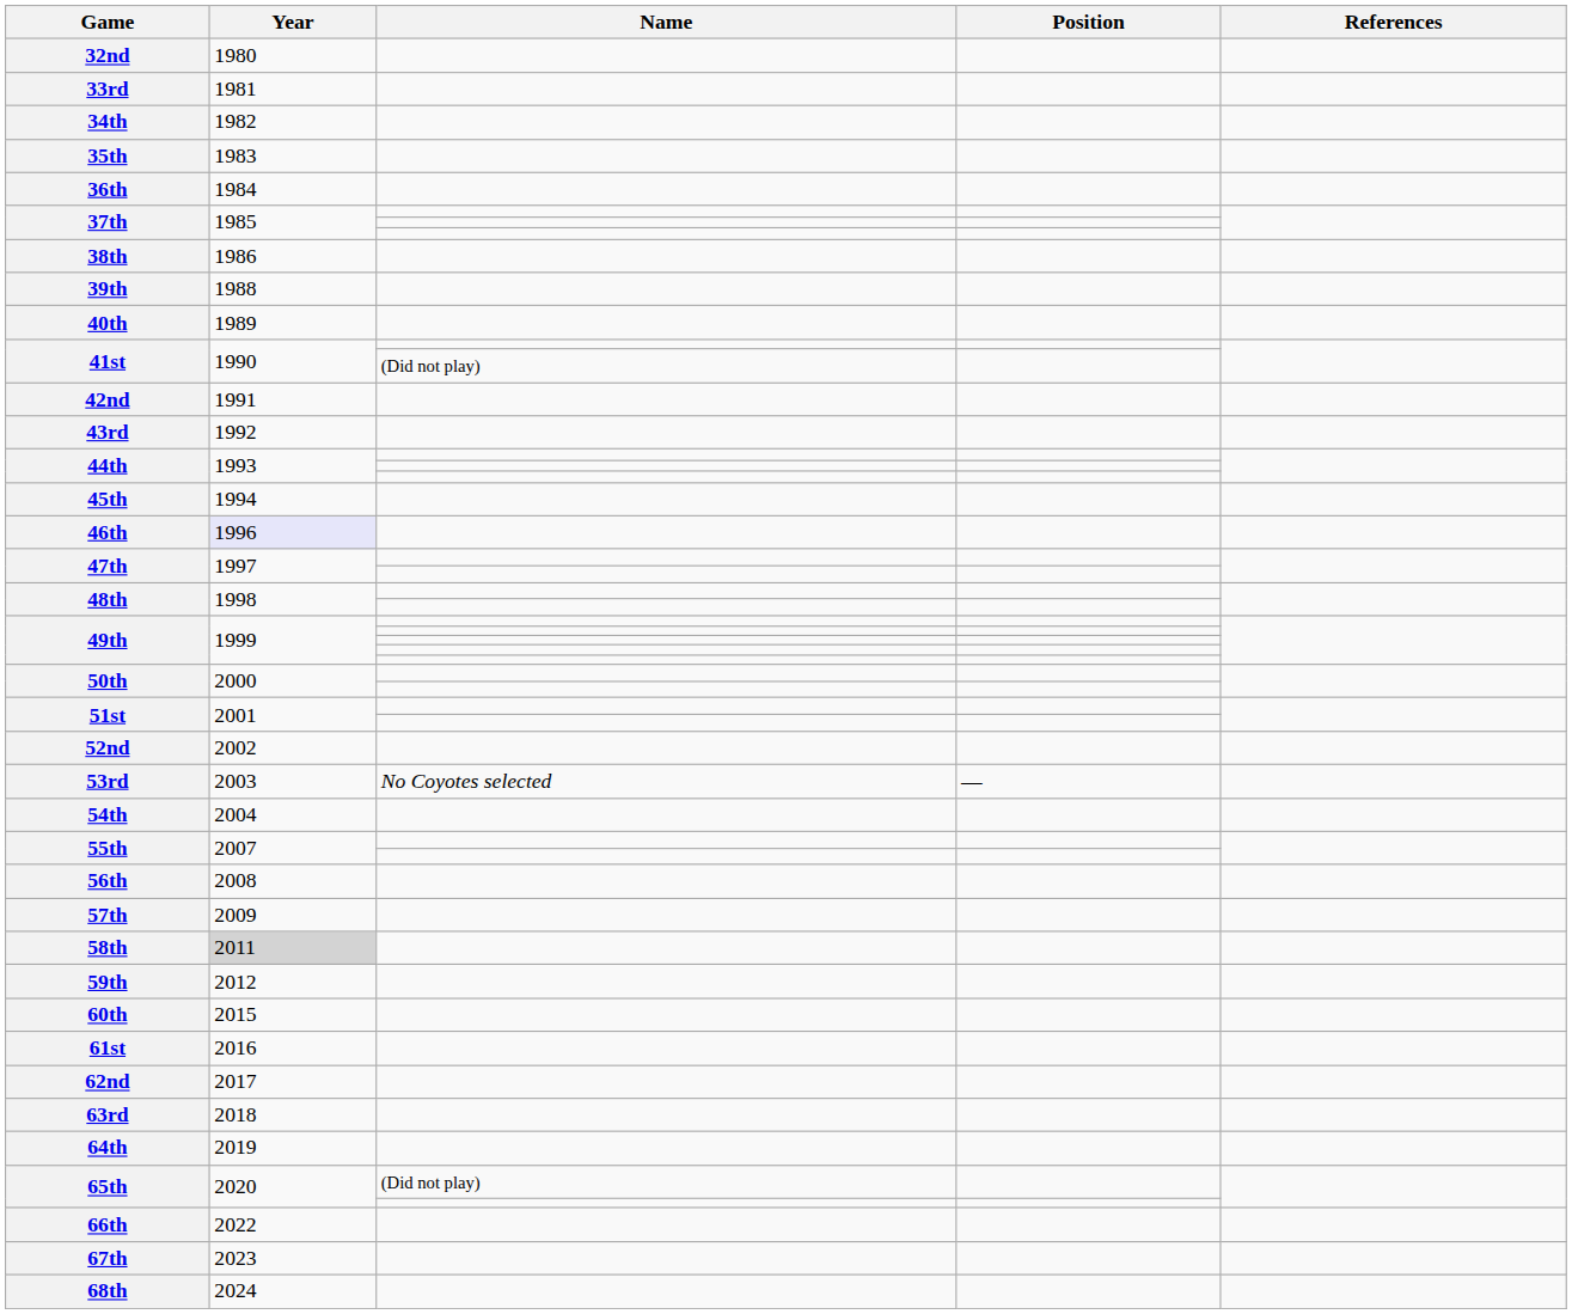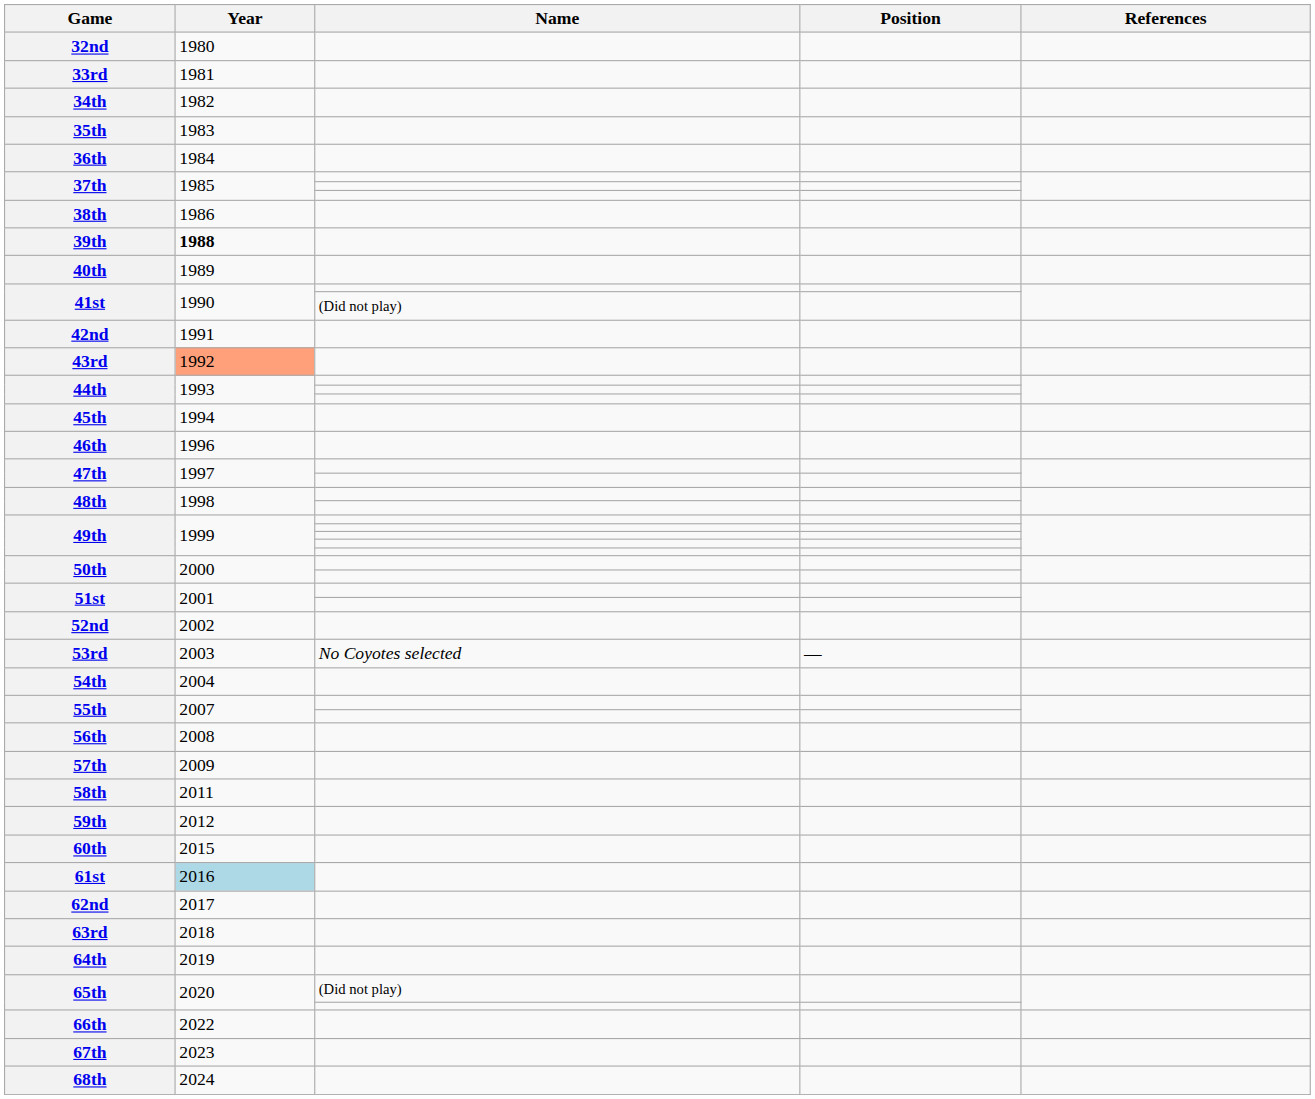 <table class="wikitable sortable" width="75%">
 <tr>
 <th scope="col">Game</th>
 <th scope="col">Year</th>
 <th scope="col">Name</th>
 <th scope="col">Position</th>
 <th scope="col" class="unsortable">References</th>
 </tr>
 <tr>
 <th scope="row"><a href='#'>32nd</a></th>
 <td>1980</td>
 <td></td>
 <td></td>
 <td></td>
 </tr>
 <tr>
 <th scope="row"><a href='#'>33rd</a></th>
 <td>1981</td>
 <td></td>
 <td></td>
 <td></td>
 </tr>
 <tr>
 <th scope="row"><a href='#'>34th</a></th>
 <td>1982</td>
 <td></td>
 <td></td>
 <td></td>
 </tr>
 <tr>
 <th scope="row"><a href='#'>35th</a></th>
 <td>1983</td>
 <td></td>
 <td></td>
 <td></td>
 </tr>
 <tr>
 <th scope="row"><a href='#'>36th</a></th>
 <td>1984</td>
 <td></td>
 <td></td>
 <td></td>
 </tr>
 <tr>
 <th scope="row" rowspan="3"><a href='#'>37th</a></th>
 <td rowspan="3">1985</td>
 <td></td>
 <td></td>
 <td rowspan="3"></td>
 </tr>
 <tr>
 <td></td>
 <td></td>
 </tr>
 <tr>
 <td></td>
 <td></td>
 </tr>
 <tr>
 <th scope="row"><a href='#'>38th</a></th>
 <td>1986</td>
 <td></td>
 <td></td>
 <td></td>
 </tr>
 <tr>
 <th scope="row"><a href='#'>39th</a></th>
-<td>1988</td>
+<td><strong>1988</strong></td>
 <td></td>
 <td></td>
 <td></td>
 </tr>
 <tr>
 <th scope="row"><a href='#'>40th</a></th>
 <td>1989</td>
 <td></td>
 <td></td>
 <td></td>
 </tr>
 <tr>
 <th scope="row" rowspan="2"><a href='#'>41st</a></th>
 <td rowspan="2">1990</td>
 <td></td>
 <td></td>
 <td rowspan="2"></td>
 </tr>
 <tr>
 <td> <small>(Did not play)</small></td>
 <td></td>
 </tr>
 <tr>
 <th scope="row"><a href='#'>42nd</a></th>
 <td>1991</td>
 <td></td>
 <td></td>
 <td></td>
 </tr>
 <tr>
 <th scope="row"><a href='#'>43rd</a></th>
-<td>1992</td>
+<td style="background: lightsalmon;">1992</td>
 <td></td>
 <td></td>
 <td></td>
 </tr>
 <tr>
 <th scope="row" rowspan="3"><a href='#'>44th</a></th>
 <td rowspan="3">1993</td>
 <td></td>
 <td></td>
 <td rowspan="3"></td>
 </tr>
 <tr>
 <td></td>
 <td></td>
 </tr>
 <tr>
 <td></td>
 <td></td>
 </tr>
 <tr>
 <th scope="row"><a href='#'>45th</a></th>
 <td>1994</td>
 <td></td>
 <td></td>
 <td></td>
 </tr>
 <tr>
 <th scope="row"><a href='#'>46th</a></th>
-<td style="background: lavender;">1996</td>
+<td>1996</td>
 <td></td>
 <td></td>
 <td></td>
 </tr>
 <tr>
 <th scope="row" rowspan="2"><a href='#'>47th</a></th>
 <td rowspan="2">1997</td>
 <td></td>
 <td></td>
 <td rowspan="2"></td>
 </tr>
 <tr>
 <td></td>
 <td></td>
 </tr>
 <tr>
 <th scope="row" rowspan="2"><a href='#'>48th</a></th>
 <td rowspan="2">1998</td>
 <td></td>
 <td></td>
 <td rowspan="2"></td>
 </tr>
 <tr>
 <td></td>
 <td></td>
 </tr>
 <tr>
 <th scope="row" rowspan="5"><a href='#'>49th</a></th>
 <td rowspan="5">1999</td>
 <td></td>
 <td></td>
 <td rowspan="5"></td>
 </tr>
 <tr>
 <td></td>
 <td></td>
 </tr>
 <tr>
 <td></td>
 <td></td>
 </tr>
 <tr>
 <td></td>
 <td></td>
 </tr>
 <tr>
 <td></td>
 <td></td>
 </tr>
 <tr>
 <th scope="row" rowspan="2"><a href='#'>50th</a></th>
 <td rowspan="2">2000</td>
 <td></td>
 <td></td>
 <td rowspan="2"></td>
 </tr>
 <tr>
 <td></td>
 <td></td>
 </tr>
 <tr>
 <th scope="row" rowspan="2"><a href='#'>51st</a></th>
 <td rowspan="2">2001</td>
 <td></td>
 <td></td>
 <td rowspan="2"></td>
 </tr>
 <tr>
 <td></td>
 <td></td>
 </tr>
 <tr>
 <th scope="row"><a href='#'>52nd</a></th>
 <td>2002</td>
 <td></td>
 <td></td>
 <td></td>
 </tr>
 <tr>
 <th scope="row"><a href='#'>53rd</a></th>
 <td>2003</td>
 <td><em>No Coyotes selected</em></td>
 <td>—</td>
 <td></td>
 </tr>
 <tr>
 <th scope="row"><a href='#'>54th</a></th>
 <td>2004</td>
 <td></td>
 <td></td>
 <td></td>
 </tr>
 <tr>
 <th scope="row" rowspan="2"><a href='#'>55th</a></th>
 <td rowspan="2">2007</td>
 <td></td>
 <td></td>
 <td rowspan="2"></td>
 </tr>
 <tr>
 <td></td>
 <td></td>
 </tr>
 <tr>
 <th scope="row"><a href='#'>56th</a></th>
 <td>2008</td>
 <td></td>
 <td></td>
 <td></td>
 </tr>
 <tr>
 <th scope="row"><a href='#'>57th</a></th>
 <td>2009</td>
 <td></td>
 <td></td>
 <td></td>
 </tr>
 <tr>
 <th scope="row"><a href='#'>58th</a></th>
-<td style="background: lightgrey;">2011</td>
+<td>2011</td>
 <td></td>
 <td></td>
 <td></td>
 </tr>
 <tr>
 <th scope="row"><a href='#'>59th</a></th>
 <td>2012</td>
 <td></td>
 <td></td>
 <td></td>
 </tr>
 <tr>
 <th scope="row"><a href='#'>60th</a></th>
 <td>2015</td>
 <td></td>
 <td></td>
 <td></td>
 </tr>
 <tr>
 <th scope="row"><a href='#'>61st</a></th>
-<td>2016</td>
+<td style="background: lightblue;">2016</td>
 <td></td>
 <td></td>
 <td></td>
 </tr>
 <tr>
 <th scope="row"><a href='#'>62nd</a></th>
 <td>2017</td>
 <td></td>
 <td></td>
 <td></td>
 </tr>
 <tr>
 <th scope="row"><a href='#'>63rd</a></th>
 <td>2018</td>
 <td></td>
 <td></td>
 <td></td>
 </tr>
 <tr>
 <th scope="row"><a href='#'>64th</a></th>
 <td>2019</td>
 <td></td>
 <td></td>
 <td></td>
 </tr>
 <tr>
 <th scope="row" rowspan="2"><a href='#'>65th</a></th>
 <td rowspan="2">2020</td>
 <td> <small>(Did not play)</small></td>
 <td></td>
 <td rowspan="2"></td>
 </tr>
 <tr>
 <td></td>
 <td></td>
 </tr>
 <tr>
 <th scope="row"><a href='#'>66th</a></th>
 <td>2022</td>
 <td></td>
 <td></td>
 <td></td>
 </tr>
 <tr>
 <th scope="row"><a href='#'>67th</a></th>
 <td>2023</td>
 <td></td>
 <td></td>
 <td></td>
 </tr>
 <tr>
 <th scope="row"><a href='#'>68th</a></th>
 <td>2024</td>
 <td></td>
 <td></td>
 <td></td>
 </tr>
 </table>
